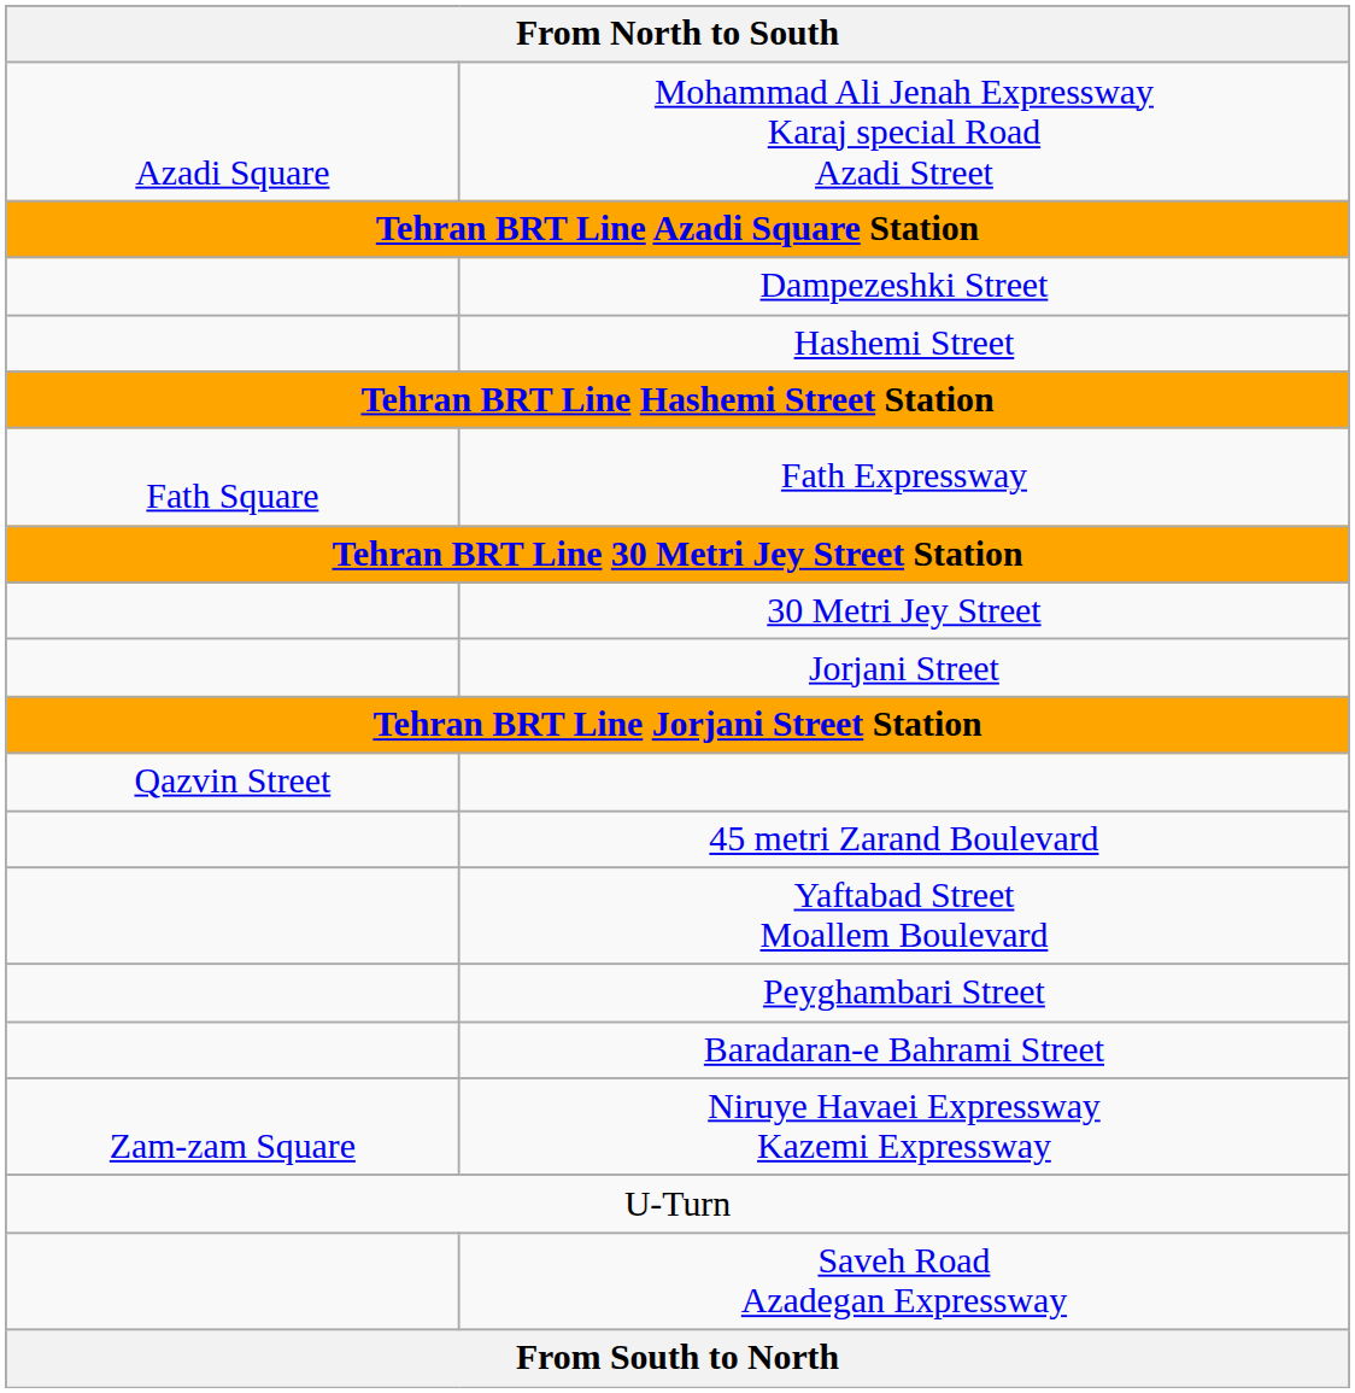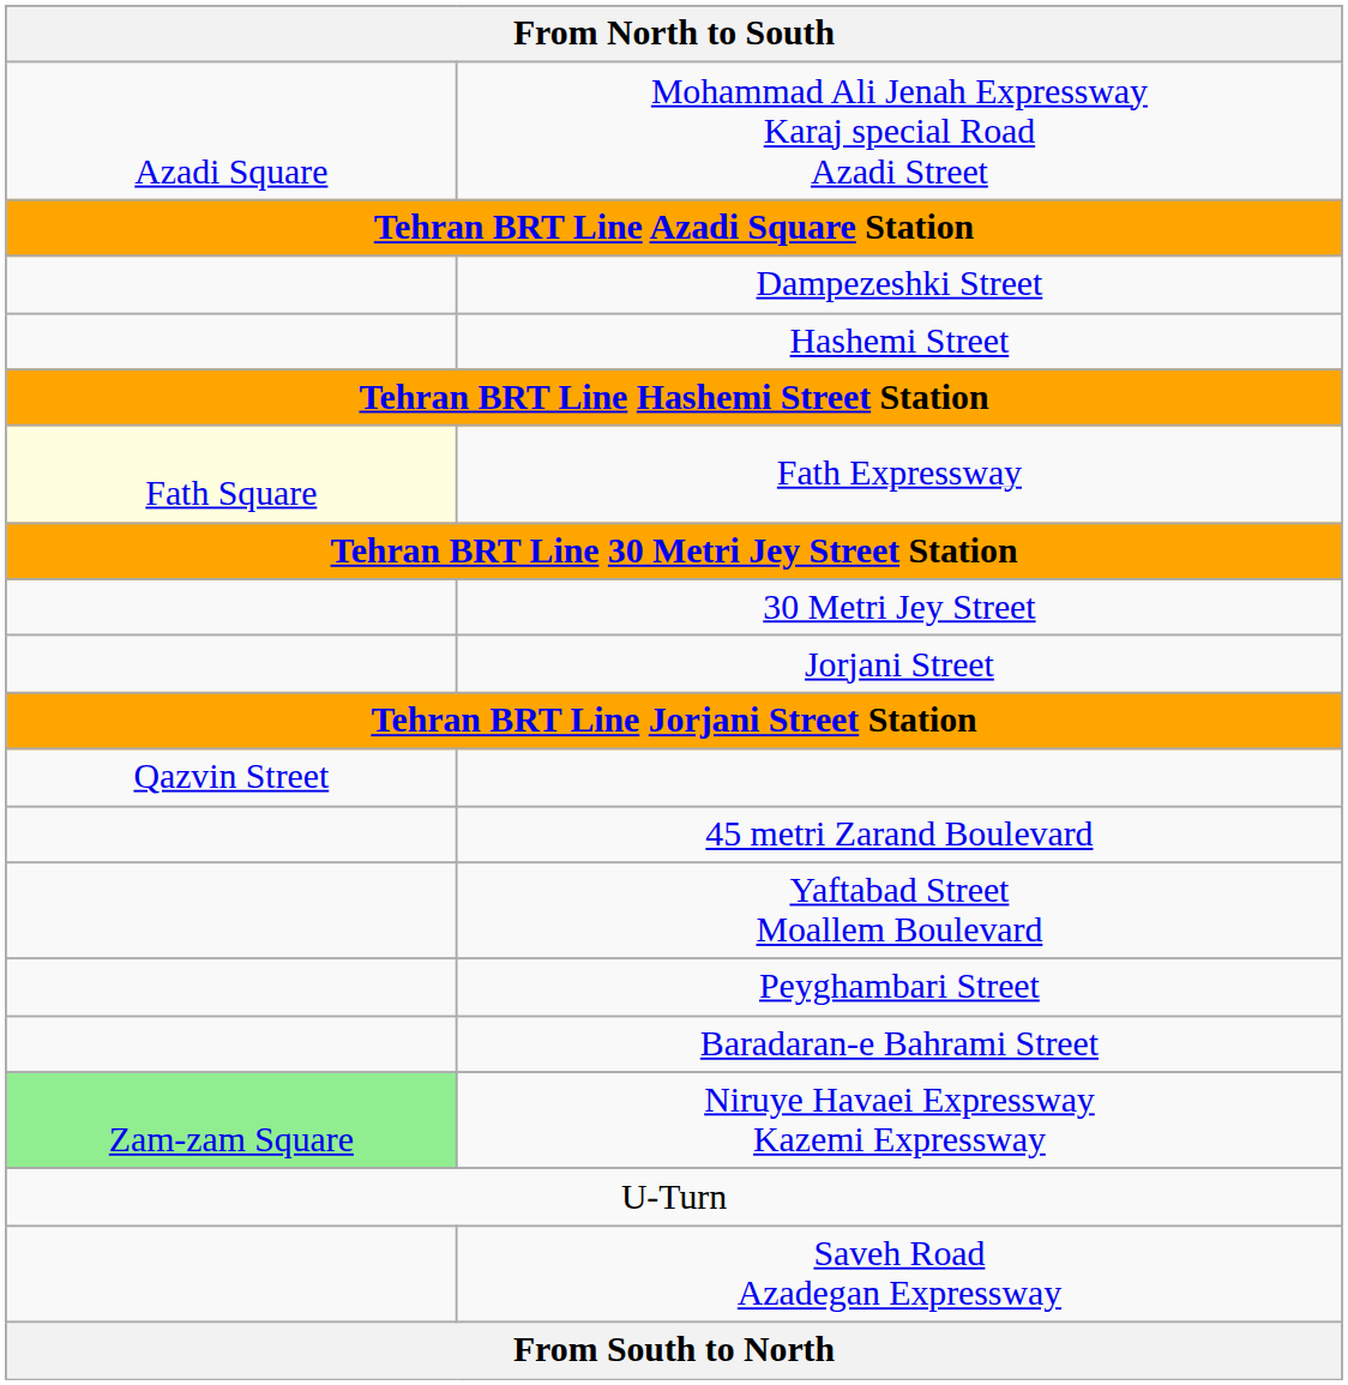 <table class="wikitable" style="text-align:center" width="600px">
 <tr>
 <th text-align="center" colspan="3"> From North to South </th>
 </tr>
 <tr>
 <td><br><br><a href='#'>Azadi Square</a></td>
 <td> <a href='#'>Mohammad Ali Jenah Expressway</a><br> <a href='#'>Karaj special Road</a><br> <a href='#'>Azadi Street</a></td>
 </tr>
 <tr>
 <td text-align="center" colspan="3" style="background: orange; color: black;"> <strong><a href='#'>Tehran BRT Line</a> <a href='#'>Azadi Square</a> Station</strong></td>
 </tr>
 <tr>
 <td></td>
 <td> <a href='#'>Dampezeshki Street</a></td>
 </tr>
 <tr>
 <td></td>
 <td> <a href='#'>Hashemi Street</a></td>
 </tr>
 <tr>
 <td text-align="center" colspan="3" style="background: orange; color: black;"> <strong><a href='#'>Tehran BRT Line</a> <a href='#'>Hashemi Street</a> Station</strong></td>
 </tr>
 <tr>
-<td><br><a href='#'>Fath Square</a></td>
+<td style="background: lightyellow;"><br><a href='#'>Fath Square</a></td>
 <td> <a href='#'>Fath Expressway</a></td>
 </tr>
 <tr>
 <td text-align="center" colspan="3" style="background: orange; color: black;"> <strong><a href='#'>Tehran BRT Line</a> <a href='#'>30 Metri Jey Street</a> Station</strong></td>
 </tr>
 <tr>
 <td></td>
 <td> <a href='#'>30 Metri Jey Street</a></td>
 </tr>
 <tr>
 <td></td>
 <td> <a href='#'>Jorjani Street</a></td>
 </tr>
 <tr>
 <td text-align="center" colspan="3" style="background: orange; color: black;"> <strong><a href='#'>Tehran BRT Line</a> <a href='#'>Jorjani Street</a> Station</strong></td>
 </tr>
 <tr>
 <td> <a href='#'>Qazvin Street</a></td>
 </tr>
 <tr>
 <td></td>
 <td> <a href='#'>45 metri Zarand Boulevard</a></td>
 </tr>
 <tr>
 <td></td>
 <td> <a href='#'>Yaftabad Street</a><br> <a href='#'>Moallem Boulevard</a></td>
 </tr>
 <tr>
 <td></td>
 <td> <a href='#'>Peyghambari Street</a></td>
 </tr>
 <tr>
 <td></td>
 <td> <a href='#'>Baradaran-e Bahrami Street</a></td>
 </tr>
 <tr>
-<td><br><a href='#'>Zam-zam Square</a></td>
+<td style="background: lightgreen;"><br><a href='#'>Zam-zam Square</a></td>
 <td> <a href='#'>Niruye Havaei Expressway</a><br> <a href='#'>Kazemi Expressway</a></td>
 </tr>
 <tr>
 <td text-align="center" colspan="3"> U-Turn</td>
 </tr>
 <tr>
 <td><br></td>
 <td> <a href='#'>Saveh Road</a><br> <a href='#'>Azadegan Expressway</a></td>
 </tr>
 <tr>
 <th text-align="center" colspan="3"> From South to North </th>
 </tr>
 </table>
